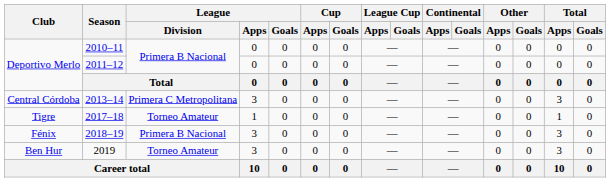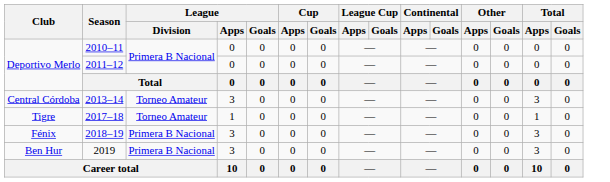 <table class="wikitable" style="text-align:center">
 <tr>
 <th rowspan="2">Club</th>
 <th rowspan="2">Season</th>
 <th colspan="3">League</th>
 <th colspan="2">Cup</th>
 <th colspan="2">League Cup</th>
 <th colspan="2">Continental</th>
 <th colspan="2">Other</th>
 <th colspan="2">Total</th>
 </tr>
 <tr>
 <th>Division</th>
 <th>Apps</th>
 <th>Goals</th>
 <th>Apps</th>
 <th>Goals</th>
 <th>Apps</th>
 <th>Goals</th>
 <th>Apps</th>
 <th>Goals</th>
 <th>Apps</th>
 <th>Goals</th>
 <th>Apps</th>
 <th>Goals</th>
 </tr>
 <tr>
 <td rowspan="3"><a href='#'>Deportivo Merlo</a></td>
 <td><a href='#'>2010–11</a></td>
 <td rowspan="2"><a href='#'>Primera B Nacional</a></td>
 <td>0</td>
 <td>0</td>
 <td>0</td>
 <td>0</td>
 <td colspan="2">—</td>
 <td colspan="2">—</td>
 <td>0</td>
 <td>0</td>
 <td>0</td>
 <td>0</td>
 </tr>
 <tr>
 <td><a href='#'>2011–12</a></td>
 <td>0</td>
 <td>0</td>
 <td>0</td>
 <td>0</td>
 <td colspan="2">—</td>
 <td colspan="2">—</td>
 <td>0</td>
 <td>0</td>
 <td>0</td>
 <td>0</td>
 </tr>
 <tr>
 <th colspan="2">Total</th>
 <th>0</th>
 <th>0</th>
 <th>0</th>
 <th>0</th>
 <th colspan="2">—</th>
 <th colspan="2">—</th>
 <th>0</th>
 <th>0</th>
 <th>0</th>
 <th>0</th>
 </tr>
 <tr>
 <td rowspan="1"><a href='#'>Central Córdoba</a></td>
 <td><a href='#'>2013–14</a></td>
-<td rowspan="1"><a href='#'>Primera C Metropolitana</a></td>
+<td rowspan="1"><a href='#'>Torneo Amateur</a></td>
 <td>3</td>
 <td>0</td>
 <td>0</td>
 <td>0</td>
 <td colspan="2">—</td>
 <td colspan="2">—</td>
 <td>0</td>
 <td>0</td>
 <td>3</td>
 <td>0</td>
 </tr>
 <tr>
 <td rowspan="1"><a href='#'>Tigre</a></td>
 <td><a href='#'>2017–18</a></td>
 <td rowspan="1"><a href='#'>Torneo Amateur</a></td>
 <td>1</td>
 <td>0</td>
 <td>0</td>
 <td>0</td>
 <td colspan="2">—</td>
 <td colspan="2">—</td>
 <td>0</td>
 <td>0</td>
 <td>1</td>
 <td>0</td>
 </tr>
 <tr>
 <td rowspan="1"><a href='#'>Fénix</a></td>
 <td><a href='#'>2018–19</a></td>
 <td rowspan="1"><a href='#'>Primera B Nacional</a></td>
 <td>3</td>
 <td>0</td>
 <td>0</td>
 <td>0</td>
 <td colspan="2">—</td>
 <td colspan="2">—</td>
 <td>0</td>
 <td>0</td>
 <td>3</td>
 <td>0</td>
 </tr>
 <tr>
 <td rowspan="1"><a href='#'>Ben Hur</a></td>
 <td>2019</td>
-<td rowspan="1"><a href='#'>Torneo Amateur</a></td>
+<td rowspan="1"><a href='#'>Primera B Nacional</a></td>
 <td>3</td>
 <td>0</td>
 <td>0</td>
 <td>0</td>
 <td colspan="2">—</td>
 <td colspan="2">—</td>
 <td>0</td>
 <td>0</td>
 <td>3</td>
 <td>0</td>
 </tr>
 <tr>
 <th colspan="3">Career total</th>
 <th>10</th>
 <th>0</th>
 <th>0</th>
 <th>0</th>
 <th colspan="2">—</th>
 <th colspan="2">—</th>
 <th>0</th>
 <th>0</th>
 <th>10</th>
 <th>0</th>
 </tr>
 </table>
